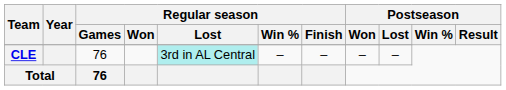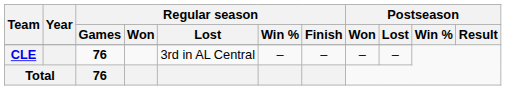 <table class="wikitable" style="font-size: 95%; text-align:center;">
 <tr>
 <th rowspan="2">Team</th>
 <th rowspan="2">Year</th>
 <th colspan="5">Regular season</th>
 <th colspan="4">Postseason</th>
 </tr>
 <tr>
 <th>Games</th>
 <th>Won</th>
 <th>Lost</th>
 <th>Win %</th>
 <th>Finish</th>
 <th>Won</th>
 <th>Lost</th>
 <th>Win %</th>
 <th>Result</th>
 </tr>
 <tr>
 </tr>
 <tr>
 <th><a href='#'>CLE</a></th>
 <th></th>
-<td>76</td>
+<td><strong>76</strong></td>
 <td></td>
-<td style="background: paleturquoise;">3rd in AL Central</td>
+<td>3rd in AL Central</td>
 <td>–</td>
 <td>–</td>
 <td>–</td>
 <td>–</td>
 </tr>
 <tr>
 <th colspan="2">Total</th>
 <th>76</th>
 <th></th>
 <th></th>
 <th></th>
 <th></th>
 </tr>
 </table>
